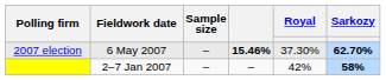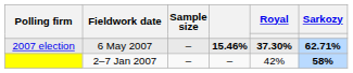 <table class="wikitable sortable" style="text-align:center;font-size:90%;line-height:14px;">
 <tr style="height:40px;">
 <th style="width:100px;" rowspan="2">Polling firm</th>
 <th style="width:110px;" rowspan="2">Fieldwork date</th>
 <th style="width:35px;" rowspan="2">Sample<br>size</th>
 <th style="width:30px;" rowspan="2"></th>
 <th class="unsortable" style="width:60px;"><a href='#'>Royal</a><br></th>
 <th class="unsortable" style="width:60px;"><a href='#'>Sarkozy</a><br></th>
 </tr>
 <tr>
 <th style="background:"></th>
 <th style="background:"></th>
 </tr>
 <tr style="background:#E9E9E9;">
 <td><a href='#'>2007 election</a></td>
 <td data-sort-value="2007-05-06">6 May 2007</td>
 <td>–</td>
 <td><strong>15.46%</strong></td>
-<td>37.30%</td>
-<td style="background:#B9DAFF;"><strong>62.70%</strong></td>
+<td><strong>37.30%</strong></td>
+<td style="background:#B9DAFF;"><strong>62.71%</strong></td>
 </tr>
 <tr>
 <td style="background:yellow;"></td>
 <td data-sort-value="2007-01-07">2–7 Jan 2007</td>
 <td>–</td>
 <td>–</td>
 <td>42%</td>
 <td style="background:#B9DAFF;"><strong>58%</strong></td>
 </tr>
 </table>
